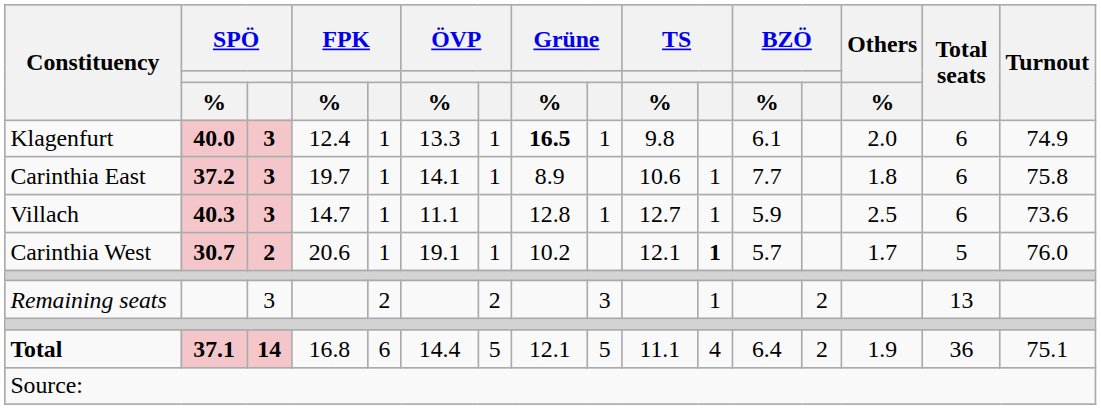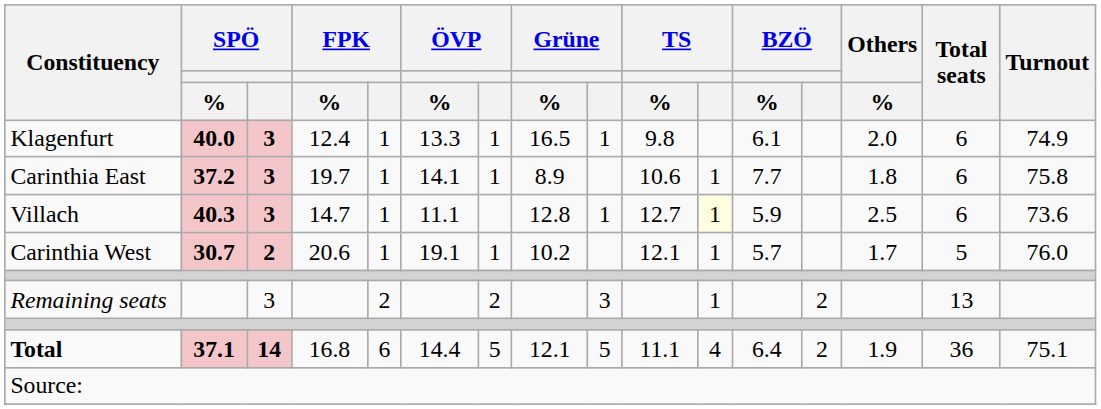 <table class="wikitable" style="text-align:center;font-size:90%;line-height:16px">
 <tr style="height:40px;">
 <th style="width:100px;" rowspan="3">Constituency</th>
 <th style="width:60px;" colspan="2"><a href='#'>SPÖ</a></th>
 <th style="width:60px;" colspan="2"><a href='#'>FPK</a></th>
 <th style="width:60px;" colspan="2"><a href='#'>ÖVP</a></th>
 <th style="width:60px;" colspan="2"><a href='#'>Grüne</a></th>
 <th style="width:60px;" colspan="2"><a href='#'>TS</a></th>
 <th style="width:60px;" colspan="2"><a href='#'>BZÖ</a></th>
 <th class="unsortable" style="width:40px;" rowspan="2">Others</th>
 <th class="unsortable" style="width:40px;" rowspan="3">Total<br>seats</th>
 <th class="unsortable" style="width:40px;" rowspan="3">Turnout</th>
 </tr>
 <tr>
 <th colspan="2" style="background:"></th>
 <th colspan="2" style="background:"></th>
 <th colspan="2" style="background:"></th>
 <th colspan="2" style="background:"></th>
 <th colspan="2" style="background:"></th>
 <th colspan="2" style="background:"></th>
 </tr>
 <tr>
 <th class=unsortable>%</th>
 <th class=unsortable></th>
 <th class=unsortable>%</th>
 <th class=unsortable></th>
 <th class=unsortable>%</th>
 <th class=unsortable></th>
 <th class=unsortable>%</th>
 <th class=unsortable></th>
 <th class=unsortable>%</th>
 <th class=unsortable></th>
 <th class=unsortable>%</th>
 <th class=unsortable></th>
 <th class=unsortable>%</th>
 </tr>
 <tr>
 <td align=left>Klagenfurt</td>
 <td bgcolor=#F4C6C9><strong>40.0</strong></td>
 <td bgcolor=#F4C6C9><strong>3</strong></td>
 <td>12.4</td>
 <td>1</td>
 <td>13.3</td>
 <td>1</td>
-<td><strong>16.5</strong></td>
+<td>16.5</td>
 <td>1</td>
 <td>9.8</td>
 <td></td>
 <td>6.1</td>
 <td></td>
 <td>2.0</td>
 <td>6</td>
 <td>74.9</td>
 </tr>
 <tr>
 <td align=left>Carinthia East</td>
 <td bgcolor=#F4C6C9><strong>37.2</strong></td>
 <td bgcolor=#F4C6C9><strong>3</strong></td>
 <td>19.7</td>
 <td>1</td>
 <td>14.1</td>
 <td>1</td>
 <td>8.9</td>
 <td></td>
 <td>10.6</td>
 <td>1</td>
 <td>7.7</td>
 <td></td>
 <td>1.8</td>
 <td>6</td>
 <td>75.8</td>
 </tr>
 <tr>
 <td align=left>Villach</td>
 <td bgcolor=#F4C6C9><strong>40.3</strong></td>
 <td bgcolor=#F4C6C9><strong>3</strong></td>
 <td>14.7</td>
 <td>1</td>
 <td>11.1</td>
 <td></td>
 <td>12.8</td>
 <td>1</td>
 <td>12.7</td>
-<td>1</td>
+<td style="background: lightyellow;">1</td>
 <td>5.9</td>
 <td></td>
 <td>2.5</td>
 <td>6</td>
 <td>73.6</td>
 </tr>
 <tr>
 <td align=left>Carinthia West</td>
 <td bgcolor=#F4C6C9><strong>30.7</strong></td>
 <td bgcolor=#F4C6C9><strong>2</strong></td>
 <td>20.6</td>
 <td>1</td>
 <td>19.1</td>
 <td>1</td>
 <td>10.2</td>
 <td></td>
 <td>12.1</td>
-<td><strong>1</strong></td>
+<td>1</td>
 <td>5.7</td>
 <td></td>
 <td>1.7</td>
 <td>5</td>
 <td>76.0</td>
 </tr>
 <tr>
 <td colspan=16 bgcolor=lightgrey></td>
 </tr>
 <tr>
 <td align=left><em>Remaining seats</em></td>
 <td></td>
 <td>3</td>
 <td></td>
 <td>2</td>
 <td></td>
 <td>2</td>
 <td></td>
 <td>3</td>
 <td></td>
 <td>1</td>
 <td></td>
 <td>2</td>
 <td></td>
 <td>13</td>
 <td></td>
 </tr>
 <tr>
 <td colspan=16 bgcolor=lightgrey></td>
 </tr>
 <tr>
 <td align=left><strong>Total</strong></td>
 <td bgcolor=#F4C6C9><strong>37.1</strong></td>
 <td bgcolor=#F4C6C9><strong>14</strong></td>
 <td>16.8</td>
 <td>6</td>
 <td>14.4</td>
 <td>5</td>
 <td>12.1</td>
 <td>5</td>
 <td>11.1</td>
 <td>4</td>
 <td>6.4</td>
 <td>2</td>
 <td>1.9</td>
 <td>36</td>
 <td>75.1</td>
 </tr>
 <tr class=sortbottom>
 <td colspan=16 align=left>Source:  </td>
 </tr>
 </table>
